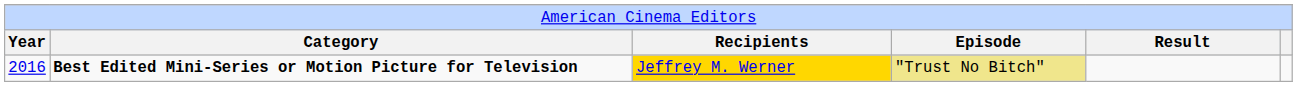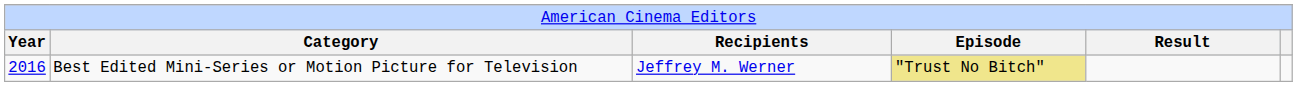 <table class="wikitable plainrowheaders" style="font-size: 100%; width:85%">
 <tr>
 </tr>
 <tr ---- bgcolor="#bfd7ff">
 <td colspan=6 align=center><a href='#'>American Cinema Editors</a></td>
 </tr>
 <tr ---- bgcolor="#ebf5ff">
 <th scope="col" style="width:2%;">Year</th>
 <th scope="col" style="width:45%;">Category</th>
 <th scope="col" style="width:20%;">Recipients</th>
 <th scope="col" style="width:15%;">Episode</th>
 <th scope="col" style="width:15%;">Result</th>
 <th scope="col" class="unsortable" style="width:1%;"></th>
 </tr>
 <tr>
 <td style="text-align:center;"><a href='#'>2016</a></td>
-<td><strong>Best Edited Mini-Series or Motion Picture for Television</strong></td>
-<td style="background: gold;"><a href='#'>Jeffrey M. Werner</a></td>
+<td>Best Edited Mini-Series or Motion Picture for Television</td>
+<td><a href='#'>Jeffrey M. Werner</a></td>
 <td style="background: khaki;">"Trust No Bitch"</td>
 <td></td>
 <td style="text-align:center;"></td>
 </tr>
 </table>
